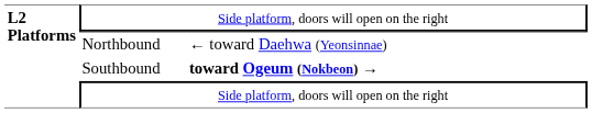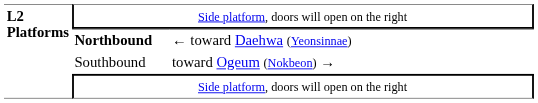 <table table border=0 cellspacing=0 cellpadding=3>
 <tr>
 <td style="border-top:solid 1px gray;border-bottom:solid 1px gray;" width=50 rowspan=10 valign=top><strong>L2<br>Platforms</strong></td>
 <td style="border-top:solid 1px gray;border-right:solid 2px black;border-left:solid 2px black;border-bottom:solid 2px black;text-align:center;" colspan=2><small><a href='#'>Side platform</a>, doors will open on the right</small></td>
 </tr>
 <tr>
-<td style="border-bottom:solid 0px gray;border-top:solid 1px gray;" width=100>Northbound</td>
+<td style="border-bottom:solid 0px gray;border-top:solid 1px gray;" width=100><strong>Northbound</strong></td>
 <td style="border-bottom:solid 0px gray;border-top:solid 1px gray;" width=390>←  toward <a href='#'>Daehwa</a> <small>(<a href='#'>Yeonsinnae</a>)</small></td>
 </tr>
 <tr>
 <td>Southbound</td>
-<td><strong>  toward <a href='#'>Ogeum</a> <small>(<a href='#'>Nokbeon</a>)</small> →</strong></td>
+<td>  toward <a href='#'>Ogeum</a> <small>(<a href='#'>Nokbeon</a>)</small> →</td>
 </tr>
 <tr>
 <td style="border-top:solid 2px black;border-right:solid 2px black;border-left:solid 2px black;border-bottom:solid 1px gray;text-align:center;" colspan=2><small><a href='#'>Side platform</a>, doors will open on the right</small></td>
 </tr>
 </table>
